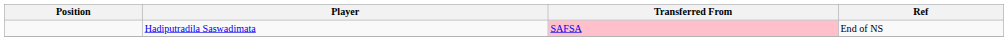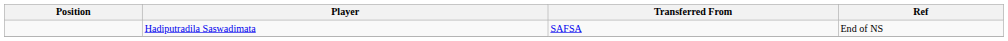 <table class="wikitable sortable" style="width:80%; text-align:center; font-size:100%; text-align:left;">
 <tr>
 <th><strong>Position</strong></th>
 <th><strong>Player</strong></th>
 <th><strong>Transferred From</strong></th>
 <th><strong>Ref</strong></th>
 </tr>
 <tr>
 <td></td>
 <td> <a href='#'>Hadiputradila Saswadimata</a></td>
-<td style="background: pink;"> <a href='#'>SAFSA</a></td>
+<td> <a href='#'>SAFSA</a></td>
 <td>End of NS</td>
 </tr>
 <tr>
 </tr>
 </table>
